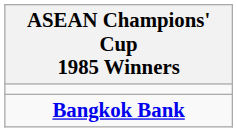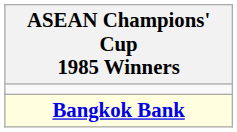 <table class="wikitable" style="text-align: center; margin: 0 auto; width: 20%">
 <tr>
 <th>ASEAN Champions' Cup<br>1985 Winners</th>
 </tr>
 <tr>
 <td></td>
 </tr>
 <tr>
-<td><strong><a href='#'>Bangkok Bank</a></strong></td>
+<td style="background: lightyellow;"><strong><a href='#'>Bangkok Bank</a></strong></td>
 </tr>
 </table>
